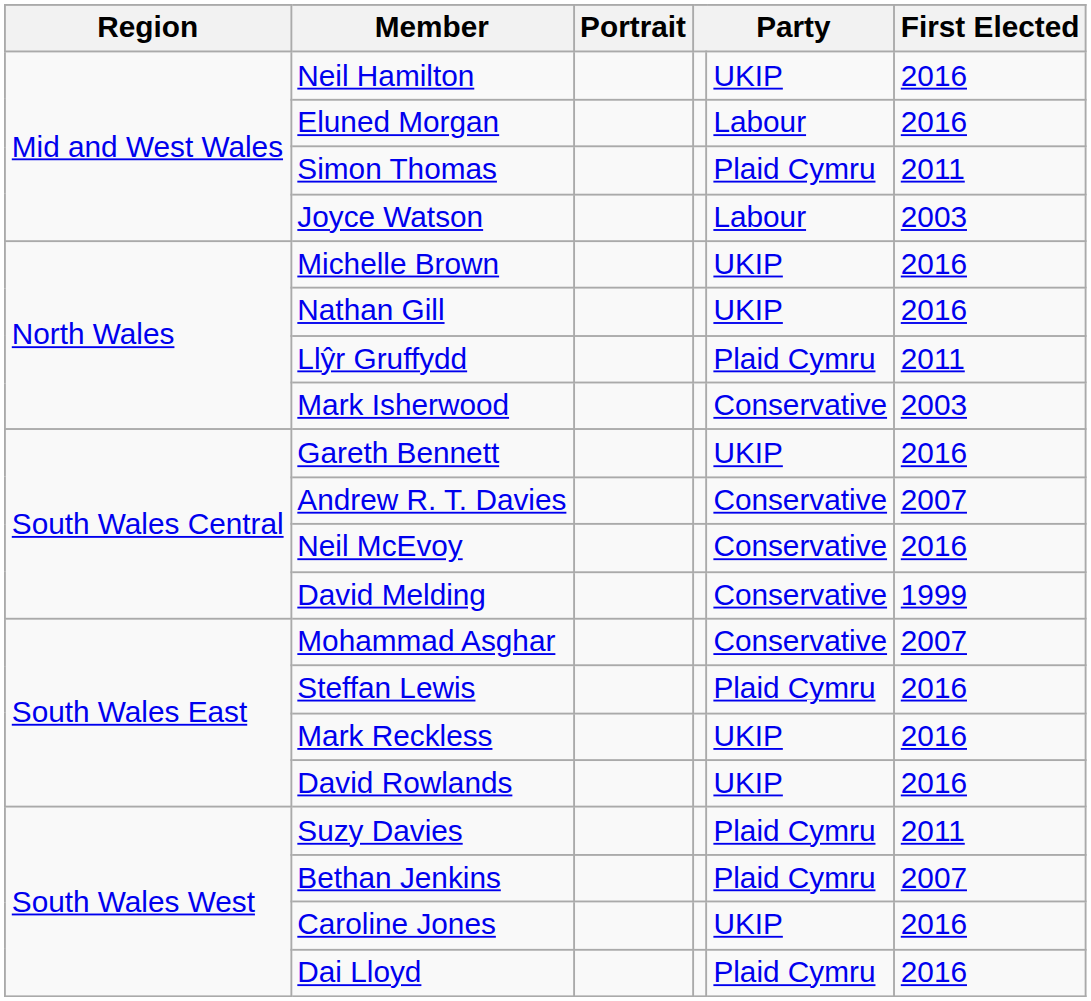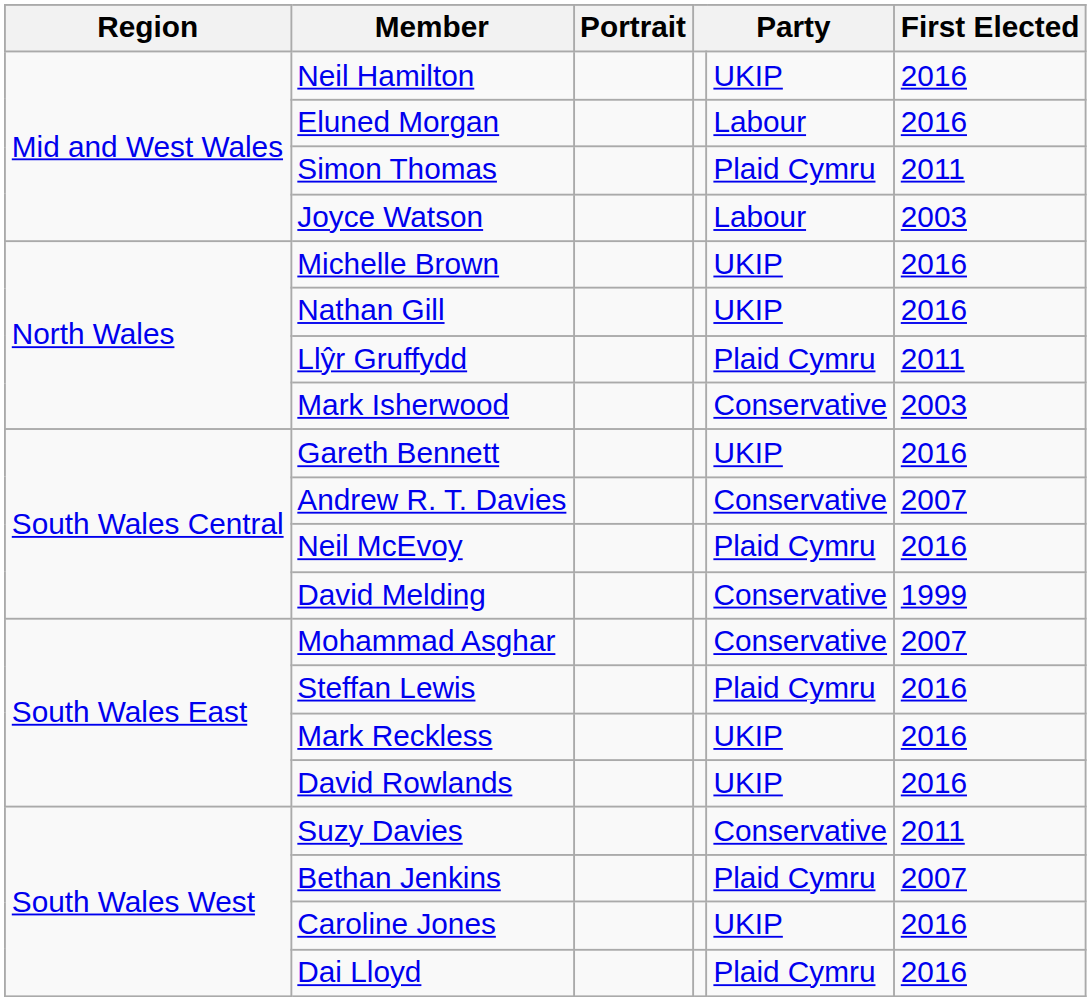 <table class="wikitable">
 <tr>
 <th>Region</th>
 <th>Member</th>
 <th>Portrait</th>
 <th colspan="2">Party</th>
 <th>First Elected</th>
 </tr>
 <tr>
 <td rowspan="4"><a href='#'>Mid and West Wales</a></td>
 <td><a href='#'>Neil Hamilton</a></td>
 <td></td>
 <td style="color:inherit;background:"></td>
 <td><a href='#'>UKIP</a></td>
 <td><a href='#'>2016</a></td>
 </tr>
 <tr>
 <td><a href='#'>Eluned Morgan</a></td>
 <td></td>
 <td style="color:inherit;background:"></td>
 <td><a href='#'>Labour</a></td>
 <td><a href='#'>2016</a></td>
 </tr>
 <tr>
 <td><a href='#'>Simon Thomas</a></td>
 <td></td>
 <td style="color:inherit;background:"></td>
 <td><a href='#'>Plaid Cymru</a></td>
 <td><a href='#'>2011</a></td>
 </tr>
 <tr>
 <td><a href='#'>Joyce Watson</a></td>
 <td></td>
 <td style="color:inherit;background:"></td>
 <td><a href='#'>Labour</a></td>
 <td><a href='#'>2003</a></td>
 </tr>
 <tr>
 <td rowspan="4"><a href='#'>North Wales</a></td>
 <td><a href='#'>Michelle Brown</a></td>
 <td></td>
 <td style="color:inherit;background:"></td>
 <td><a href='#'>UKIP</a></td>
 <td><a href='#'>2016</a></td>
 </tr>
 <tr>
 <td><a href='#'>Nathan Gill</a></td>
 <td></td>
 <td style="color:inherit;background:"></td>
 <td><a href='#'>UKIP</a></td>
 <td><a href='#'>2016</a></td>
 </tr>
 <tr>
 <td><a href='#'>Llŷr Gruffydd</a></td>
 <td></td>
 <td style="color:inherit;background:"></td>
 <td><a href='#'>Plaid Cymru</a></td>
 <td><a href='#'>2011</a></td>
 </tr>
 <tr>
 <td><a href='#'>Mark Isherwood</a></td>
 <td></td>
 <td style="color:inherit;background:"></td>
 <td><a href='#'>Conservative</a></td>
 <td><a href='#'>2003</a></td>
 </tr>
 <tr>
 <td rowspan="4"><a href='#'>South Wales Central</a></td>
 <td><a href='#'>Gareth Bennett</a></td>
 <td></td>
 <td style="color:inherit;background:"></td>
 <td><a href='#'>UKIP</a></td>
 <td><a href='#'>2016</a></td>
 </tr>
 <tr>
 <td><a href='#'>Andrew R. T. Davies</a></td>
 <td></td>
 <td style="color:inherit;background:"></td>
 <td><a href='#'>Conservative</a></td>
 <td><a href='#'>2007</a></td>
 </tr>
 <tr>
 <td><a href='#'>Neil McEvoy</a></td>
 <td></td>
 <td style="color:inherit;background:"></td>
-<td><a href='#'>Conservative</a></td>
+<td><a href='#'>Plaid Cymru</a></td>
 <td><a href='#'>2016</a></td>
 </tr>
 <tr>
 <td><a href='#'>David Melding</a></td>
 <td></td>
 <td style="color:inherit;background:"></td>
 <td><a href='#'>Conservative</a></td>
 <td><a href='#'>1999</a></td>
 </tr>
 <tr>
 <td rowspan="4"><a href='#'>South Wales East</a></td>
 <td><a href='#'>Mohammad Asghar</a></td>
 <td></td>
 <td style="color:inherit;background:"></td>
 <td><a href='#'>Conservative</a></td>
 <td><a href='#'>2007</a></td>
 </tr>
 <tr>
 <td><a href='#'>Steffan Lewis</a></td>
 <td></td>
 <td style="color:inherit;background:"></td>
 <td><a href='#'>Plaid Cymru</a></td>
 <td><a href='#'>2016</a></td>
 </tr>
 <tr>
 <td><a href='#'>Mark Reckless</a></td>
 <td></td>
 <td style="color:inherit;background:"></td>
 <td><a href='#'>UKIP</a></td>
 <td><a href='#'>2016</a></td>
 </tr>
 <tr>
 <td><a href='#'>David Rowlands</a></td>
 <td></td>
 <td style="color:inherit;background:"></td>
 <td><a href='#'>UKIP</a></td>
 <td><a href='#'>2016</a></td>
 </tr>
 <tr>
 <td rowspan="4"><a href='#'>South Wales West</a></td>
 <td><a href='#'>Suzy Davies</a></td>
 <td></td>
 <td style="color:inherit;background:"></td>
-<td><a href='#'>Plaid Cymru</a></td>
+<td><a href='#'>Conservative</a></td>
 <td><a href='#'>2011</a></td>
 </tr>
 <tr>
 <td><a href='#'>Bethan Jenkins</a></td>
 <td></td>
 <td style="color:inherit;background:"></td>
 <td><a href='#'>Plaid Cymru</a></td>
 <td><a href='#'>2007</a></td>
 </tr>
 <tr>
 <td><a href='#'>Caroline Jones</a></td>
 <td></td>
 <td style="color:inherit;background:"></td>
 <td><a href='#'>UKIP</a></td>
 <td><a href='#'>2016</a></td>
 </tr>
 <tr>
 <td><a href='#'>Dai Lloyd</a></td>
 <td></td>
 <td style="color:inherit;background:"></td>
 <td><a href='#'>Plaid Cymru</a></td>
 <td><a href='#'>2016</a></td>
 </tr>
 </table>
